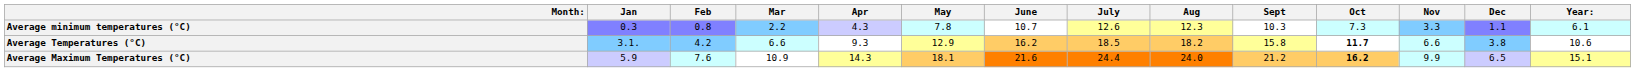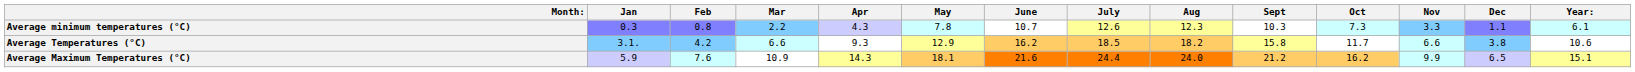 <table width="100%" class="wikitable" style="text-align:center;font-size:87%;line-height:120%">
 <tr>
 <th style="text-align:right">Month:</th>
 <th>Jan</th>
 <th>Feb</th>
 <th>Mar</th>
 <th>Apr</th>
 <th>May</th>
 <th>June</th>
 <th>July</th>
 <th>Aug</th>
 <th>Sept</th>
 <th>Oct</th>
 <th>Nov</th>
 <th>Dec</th>
 <th>Year:</th>
 </tr>
 <tr>
 <th style="text-align:left">Average minimum temperatures (°C)</th>
 <td style="background:#8080FF">0.3</td>
 <td style="background:#8080FF">0.8</td>
 <td style="background:#80CCFF">2.2</td>
 <td style="background:#CCCCFF">4.3</td>
 <td style="background:#CCFFFF">7.8</td>
 <td style="background:#FFFFFF">10.7</td>
 <td style="background:#FFFF99">12.6</td>
 <td style="background:#FFFF99">12.3</td>
 <td style="background:#FFFFFF">10.3</td>
 <td style="background:#CCFFFF">7.3</td>
 <td style="background:#80CCFF">3.3</td>
 <td style="background:#8080FF">1.1</td>
 <td style="background:#CCFFFF">6.1</td>
 </tr>
 <tr>
 <th style="text-align:left">Average Temperatures (°C)</th>
 <td style="background:#80CCFF">3.1.</td>
 <td style="background:#80CCFF">4.2</td>
 <td style="background:#CCFFFF">6.6</td>
 <td style="background:#FFFFFF">9.3</td>
 <td style="background:#FFFF99">12.9</td>
 <td style="background:#FFCC66">16.2</td>
 <td style="background:#FFCC66">18.5</td>
 <td style="background:#FFCC66">18.2</td>
 <td style="background:#FFFF99">15.8</td>
-<td style="background:#FFFFFF"><strong>11.7</strong></td>
+<td style="background:#FFFFFF">11.7</td>
 <td style="background:#CCFFFF">6.6</td>
 <td style="background:#80CCFF">3.8</td>
 <td style="background:#FFFFFF">10.6</td>
 </tr>
 <tr>
 <th style="text-align:left">Average Maximum Temperatures (°C)</th>
 <td style="background:#CCCCFF">5.9</td>
 <td style="background:#CCFFFF">7.6</td>
 <td style="background:#FFFFFF">10.9</td>
 <td style="background:#FFFF99">14.3</td>
 <td style="background:#FFCC66">18.1</td>
 <td style="background:#FF8000">21.6</td>
 <td style="background:#FF8000">24.4</td>
 <td style="background:#FF8000">24.0</td>
 <td style="background:#FFCC66">21.2</td>
-<td style="background:#FFCC66"><strong>16.2</strong></td>
+<td style="background:#FFCC66">16.2</td>
 <td style="background:#CCFFFF">9.9</td>
 <td style="background:#CCCCFF">6.5</td>
 <td style="background:#FFFF99">15.1</td>
 </tr>
 </table>
